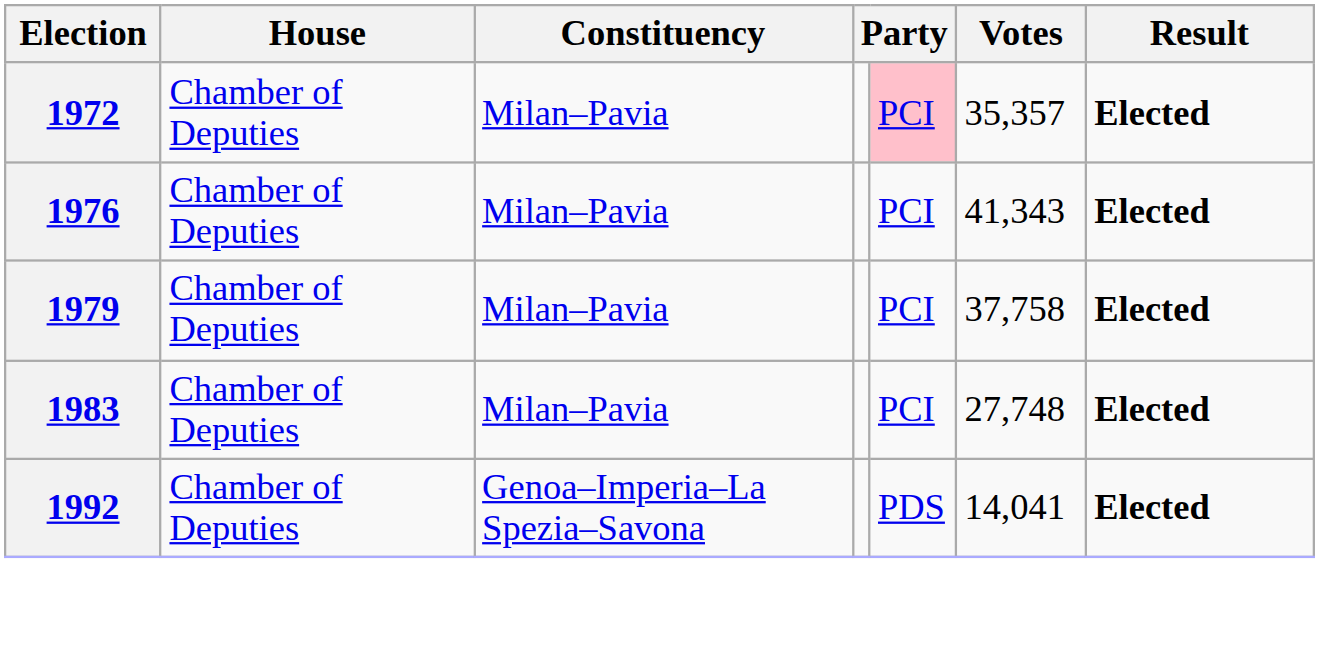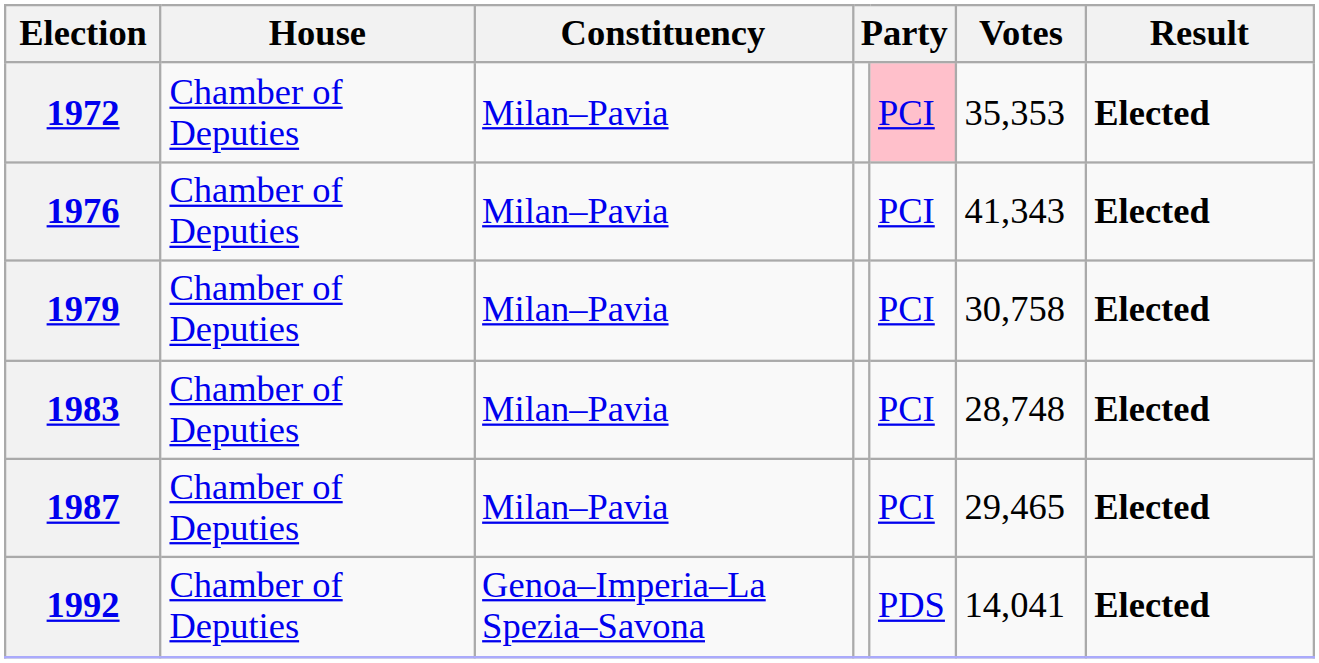 <table class=wikitable style="width:65%; border:1px #AAAAFF solid">
 <tr>
 <th width=12%>Election</th>
 <th width=25%>House</th>
 <th width=30%>Constituency</th>
 <th width=5% colspan="2">Party</th>
 <th width=10%>Votes</th>
 <th width=25%>Result</th>
 </tr>
 <tr>
 <th><a href='#'>1972</a></th>
 <td><a href='#'>Chamber of Deputies</a></td>
 <td><a href='#'>Milan–Pavia</a></td>
 <td></td>
 <td style="background: pink;"><a href='#'>PCI</a></td>
-<td>35,357</td>
+<td>35,353</td>
 <td> <strong>Elected</strong></td>
 </tr>
 <tr>
 <th><a href='#'>1976</a></th>
 <td><a href='#'>Chamber of Deputies</a></td>
 <td><a href='#'>Milan–Pavia</a></td>
 <td></td>
 <td><a href='#'>PCI</a></td>
 <td>41,343</td>
 <td> <strong>Elected</strong></td>
 </tr>
 <tr>
 <th><a href='#'>1979</a></th>
 <td><a href='#'>Chamber of Deputies</a></td>
 <td><a href='#'>Milan–Pavia</a></td>
 <td></td>
 <td><a href='#'>PCI</a></td>
-<td>37,758</td>
+<td>30,758</td>
 <td> <strong>Elected</strong></td>
 </tr>
 <tr>
 <th><a href='#'>1983</a></th>
 <td><a href='#'>Chamber of Deputies</a></td>
 <td><a href='#'>Milan–Pavia</a></td>
 <td></td>
 <td><a href='#'>PCI</a></td>
-<td>27,748</td>
+<td>28,748</td>
+<td> <strong>Elected</strong></td>
+</tr>
+<tr>
+<th><a href='#'>1987</a></th>
+<td><a href='#'>Chamber of Deputies</a></td>
+<td><a href='#'>Milan–Pavia</a></td>
+<td></td>
+<td><a href='#'>PCI</a></td>
+<td>29,465</td>
 <td> <strong>Elected</strong></td>
 </tr>
 <tr>
 <th><a href='#'>1992</a></th>
 <td><a href='#'>Chamber of Deputies</a></td>
 <td><a href='#'>Genoa–Imperia–La Spezia–Savona</a></td>
 <td></td>
 <td><a href='#'>PDS</a></td>
 <td>14,041</td>
 <td> <strong>Elected</strong></td>
 </tr>
 <tr>
 </tr>
 </table>
